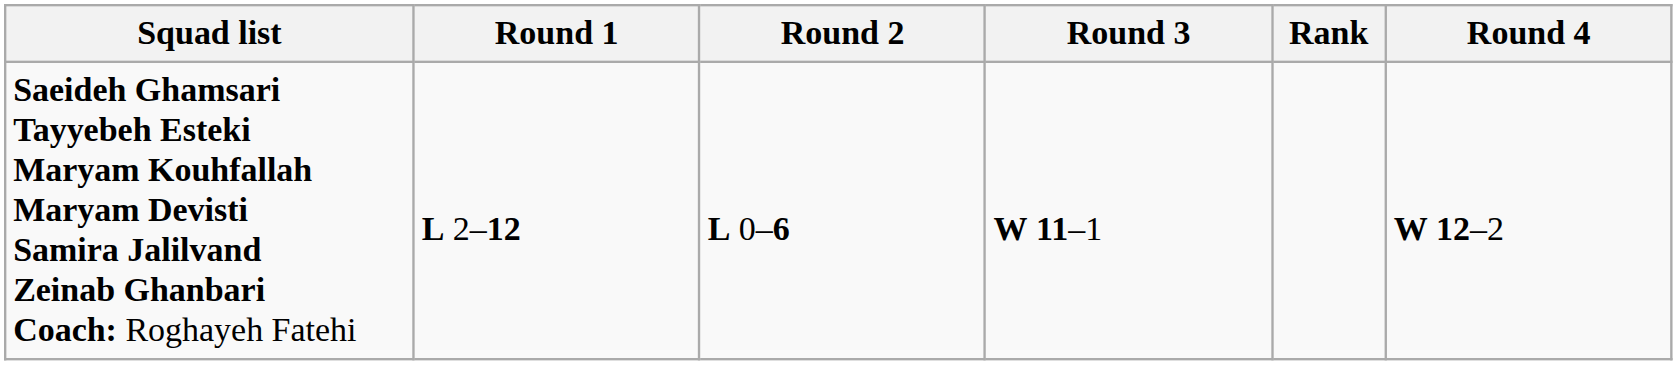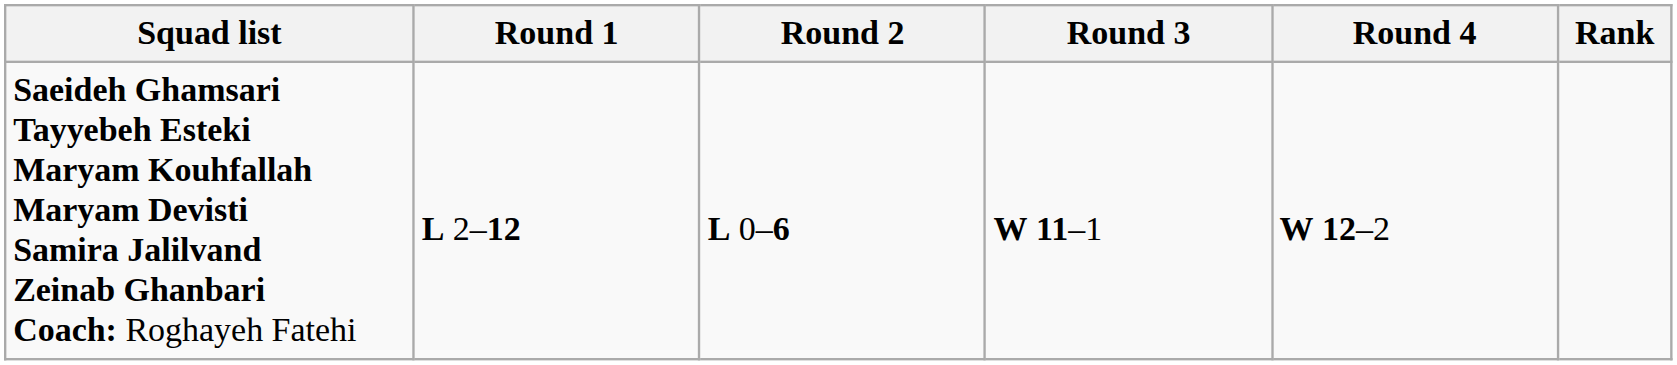 <table class="wikitable" width="80%" style="text-align:left; font-size:90%">
 <tr>
 <th width="20%">Squad list</th>
 <th width="14%">Round 1</th>
 <th width="14%">Round 2</th>
 <th width="14%">Round 3</th>
+<th width="14%">Round 4</th>
 <th width="5%">Rank</th>
-<th width="14%">Round 4</th>
 </tr>
 <tr>
 <td><strong>Saeideh Ghamsari<br>Tayyebeh Esteki<br>Maryam Kouhfallah<br>Maryam Devisti<br>Samira Jalilvand<br>Zeinab Ghanbari<br>Coach:</strong> Roghayeh Fatehi</td>
 <td><br><strong>L</strong> 2–<strong>12</strong></td>
 <td><br><strong>L</strong> 0–<strong>6</strong></td>
 <td><br><strong>W</strong> <strong>11</strong>–1</td>
+<td><br><strong>W</strong> <strong>12</strong>–2</td>
 <td align="center"></td>
-<td><br><strong>W</strong> <strong>12</strong>–2</td>
 </tr>
 </table>
